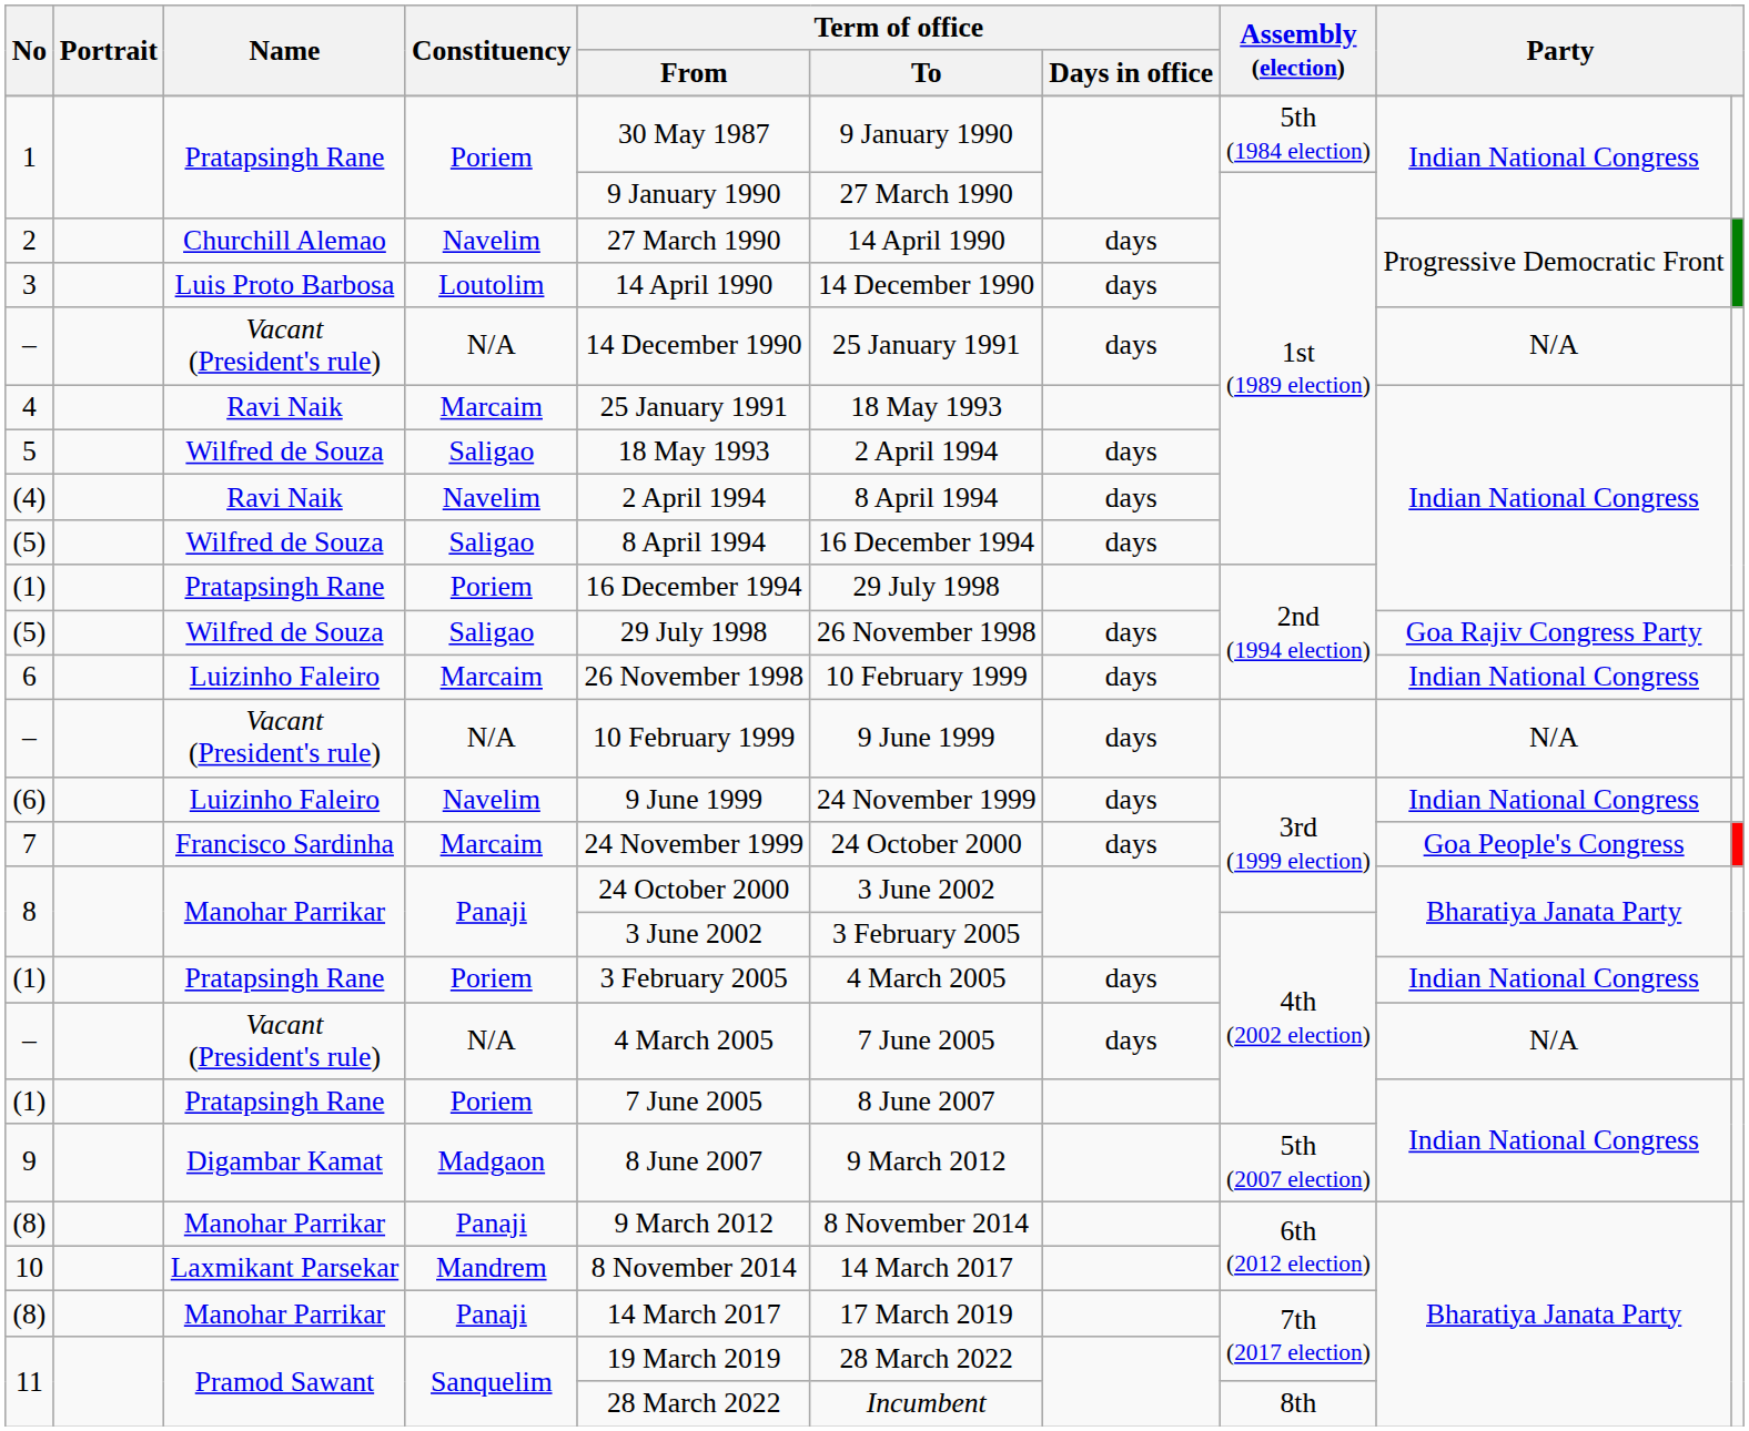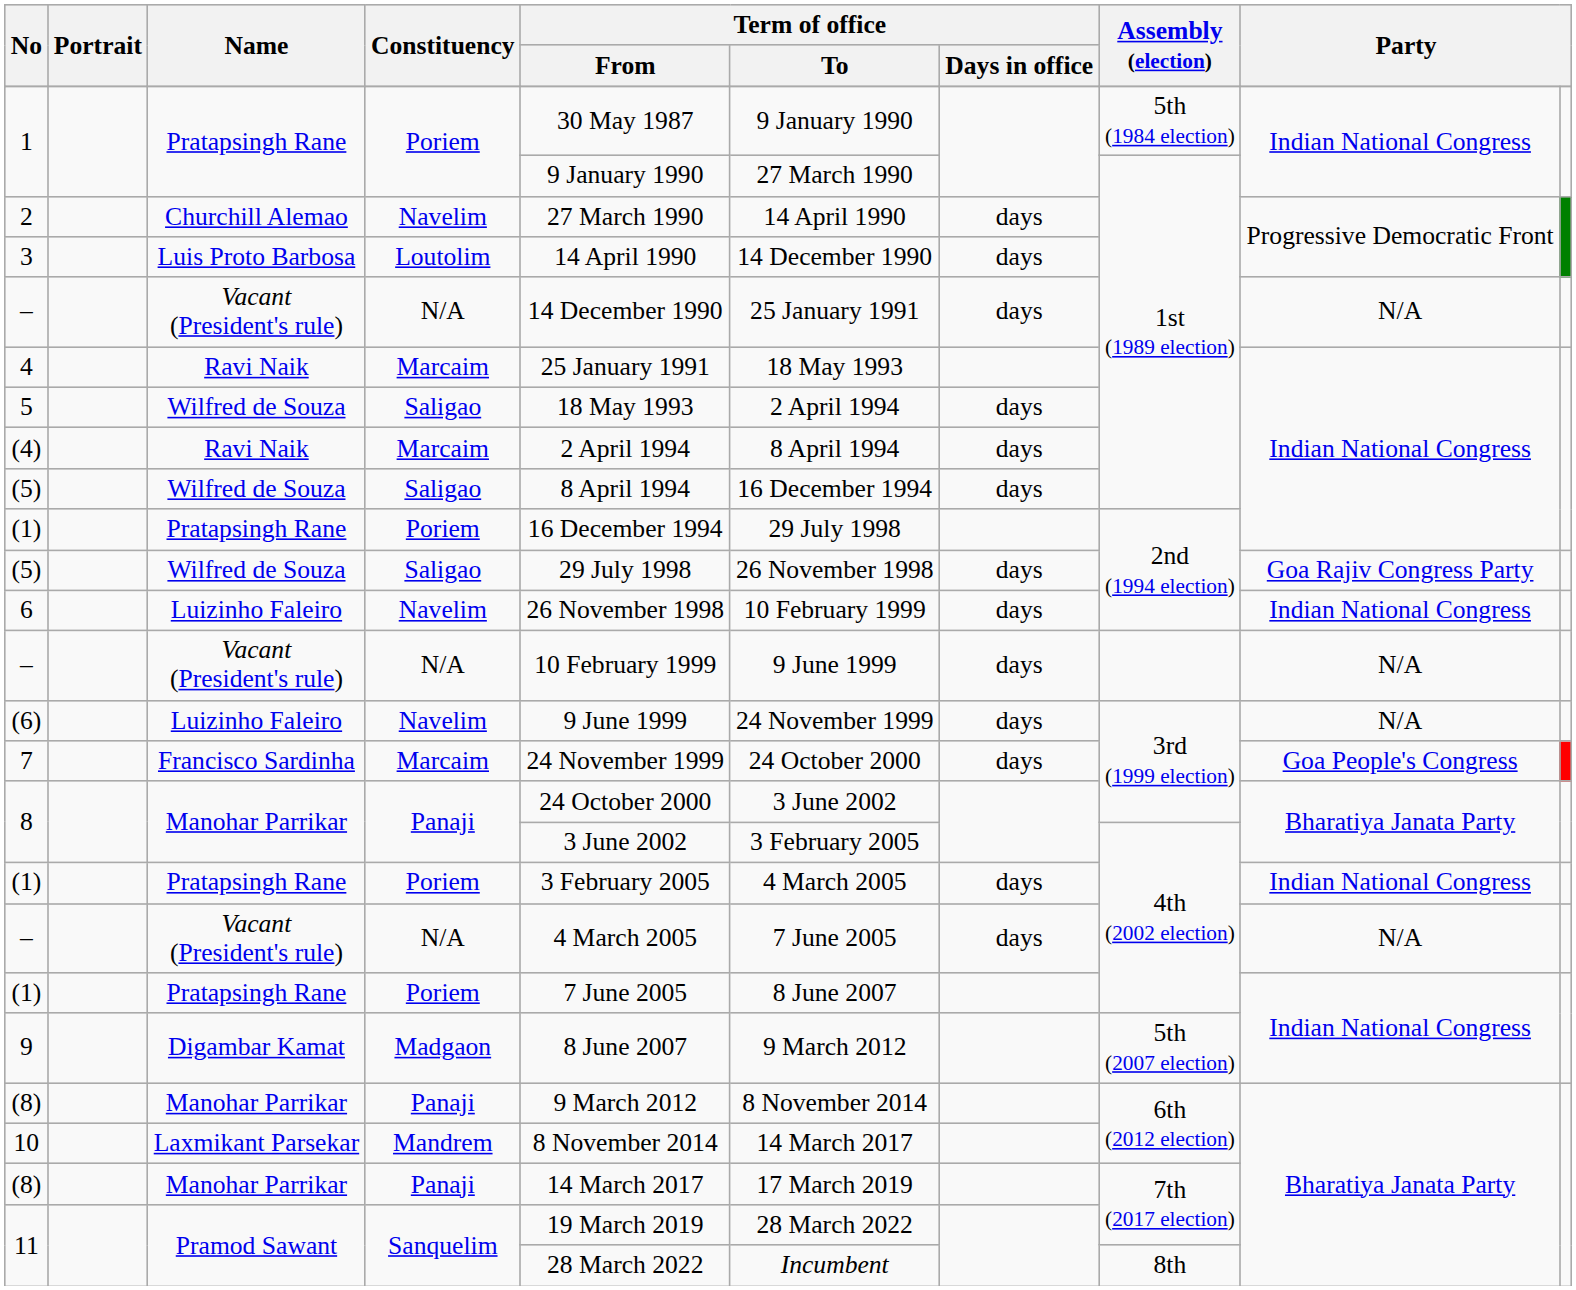 <table class="wikitable" style="text-align:center">
 <tr>
 <th rowspan="2">No</th>
 <th rowspan="2">Portrait</th>
 <th rowspan="2">Name</th>
 <th rowspan="2">Constituency</th>
 <th colspan="3">Term of office</th>
 <th rowspan="2"><a href='#'>Assembly</a><br><small>(<a href='#'>election</a>)</small></th>
 <th colspan="2" rowspan="2">Party</th>
 </tr>
 <tr>
 <th>From</th>
 <th>To</th>
 <th>Days in office</th>
 </tr>
 <tr>
 </tr>
 <tr>
 <td rowspan="2">1</td>
 <td rowspan="2"></td>
 <td rowspan="2"><a href='#'>Pratapsingh Rane</a></td>
 <td rowspan="2"><a href='#'>Poriem</a></td>
 <td>30 May 1987</td>
 <td>9 January 1990</td>
 <td rowspan="2"></td>
 <td>5th<br><small>(<a href='#'>1984 election</a>)</small></td>
 <td rowspan="2"><a href='#'>Indian National Congress</a></td>
 <td rowspan="2" style="background-color: "></td>
 </tr>
 <tr>
 <td>9 January 1990</td>
 <td>27 March 1990</td>
 <td rowspan="8">1st<br><small>(<a href='#'>1989 election</a>)</small></td>
 </tr>
 <tr>
 <td>2</td>
 <td></td>
 <td><a href='#'>Churchill Alemao</a></td>
 <td><a href='#'>Navelim</a></td>
 <td>27 March 1990</td>
 <td>14 April 1990</td>
 <td> days</td>
 <td rowspan="2">Progressive Democratic Front</td>
 <td rowspan="2" style="background-color: green"></td>
 </tr>
 <tr>
 <td>3</td>
 <td></td>
 <td><a href='#'>Luis Proto Barbosa</a></td>
 <td><a href='#'>Loutolim</a></td>
 <td>14 April 1990</td>
 <td>14 December 1990</td>
 <td> days</td>
 </tr>
 <tr>
 <td>–</td>
 <td></td>
 <td><em>Vacant</em><br>(<a href='#'>President's rule</a>)</td>
 <td>N/A</td>
 <td>14 December 1990</td>
 <td>25 January 1991</td>
 <td> days</td>
 <td>N/A</td>
 <td></td>
 </tr>
 <tr>
 <td>4</td>
 <td></td>
 <td><a href='#'>Ravi Naik</a></td>
 <td><a href='#'>Marcaim</a></td>
 <td>25 January 1991</td>
 <td>18 May 1993</td>
 <td></td>
 <td rowspan="5"><a href='#'>Indian National Congress</a></td>
 <td rowspan="5" style="background-color: "></td>
 </tr>
 <tr>
 <td>5</td>
 <td></td>
 <td><a href='#'>Wilfred de Souza</a></td>
 <td><a href='#'>Saligao</a></td>
 <td>18 May 1993</td>
 <td>2 April 1994</td>
 <td> days</td>
 </tr>
 <tr>
 <td>(4)</td>
 <td></td>
 <td><a href='#'>Ravi Naik</a></td>
-<td><a href='#'>Navelim</a></td>
+<td><a href='#'>Marcaim</a></td>
 <td>2 April 1994</td>
 <td>8 April 1994</td>
 <td> days</td>
 </tr>
 <tr>
 <td>(5)</td>
 <td></td>
 <td><a href='#'>Wilfred de Souza</a></td>
 <td><a href='#'>Saligao</a></td>
 <td>8 April 1994</td>
 <td>16 December 1994</td>
 <td> days</td>
 </tr>
 <tr>
 <td>(1)</td>
 <td></td>
 <td><a href='#'>Pratapsingh Rane</a></td>
 <td><a href='#'>Poriem</a></td>
 <td>16 December 1994</td>
 <td>29 July 1998</td>
 <td></td>
 <td rowspan="3">2nd<br><small>(<a href='#'>1994 election</a>)</small></td>
 </tr>
 <tr>
 <td>(5)</td>
 <td></td>
 <td><a href='#'>Wilfred de Souza</a></td>
 <td><a href='#'>Saligao</a></td>
 <td>29 July 1998</td>
 <td>26 November 1998</td>
 <td> days</td>
 <td><a href='#'>Goa Rajiv Congress Party</a></td>
 <td style="background-color: "></td>
 </tr>
 <tr>
 <td>6</td>
 <td></td>
 <td><a href='#'>Luizinho Faleiro</a></td>
-<td><a href='#'>Marcaim</a></td>
+<td><a href='#'>Navelim</a></td>
 <td>26 November 1998</td>
 <td>10 February 1999</td>
 <td> days</td>
 <td><a href='#'>Indian National Congress</a></td>
 <td style="background-color: "></td>
 </tr>
 <tr>
 <td>–</td>
 <td></td>
 <td><em>Vacant</em><br>(<a href='#'>President's rule</a>)</td>
 <td>N/A</td>
 <td>10 February 1999</td>
 <td>9 June 1999</td>
 <td> days</td>
 <td></td>
 <td>N/A</td>
 <td></td>
 </tr>
 <tr>
 <td>(6)</td>
 <td></td>
 <td><a href='#'>Luizinho Faleiro</a></td>
 <td><a href='#'>Navelim</a></td>
 <td>9 June 1999</td>
 <td>24 November 1999</td>
 <td> days</td>
 <td rowspan="3">3rd<br><small>(<a href='#'>1999 election</a>)</small></td>
-<td><a href='#'>Indian National Congress</a></td>
+<td>N/A</td>
 <td style="background-color: "></td>
 </tr>
 <tr>
 <td>7</td>
 <td></td>
 <td><a href='#'>Francisco Sardinha</a></td>
 <td><a href='#'>Marcaim</a></td>
 <td>24 November 1999</td>
 <td>24 October 2000</td>
 <td> days</td>
 <td><a href='#'>Goa People's Congress</a></td>
 <td style="background-color: red"></td>
 </tr>
 <tr>
 <td rowspan="2">8</td>
 <td rowspan="2"></td>
 <td rowspan="2"><a href='#'>Manohar Parrikar</a></td>
 <td rowspan="2"><a href='#'>Panaji</a></td>
 <td>24 October 2000</td>
 <td>3 June 2002</td>
 <td rowspan="2"></td>
 <td rowspan="2"><a href='#'>Bharatiya Janata Party</a></td>
 <td rowspan="2" style="background-color: "></td>
 </tr>
 <tr>
 <td>3 June 2002</td>
 <td>3 February 2005</td>
 <td rowspan="4">4th<br><small>(<a href='#'>2002 election</a>)</small></td>
 </tr>
 <tr>
 <td>(1)</td>
 <td></td>
 <td><a href='#'>Pratapsingh Rane</a></td>
 <td><a href='#'>Poriem</a></td>
 <td>3 February 2005</td>
 <td>4 March 2005</td>
 <td> days</td>
 <td><a href='#'>Indian National Congress</a></td>
 <td style="background-color: "></td>
 </tr>
 <tr>
 <td>–</td>
 <td></td>
 <td><em>Vacant</em><br>(<a href='#'>President's rule</a>)</td>
 <td>N/A</td>
 <td>4 March 2005</td>
 <td>7 June 2005</td>
 <td> days</td>
 <td>N/A</td>
 <td></td>
 </tr>
 <tr>
 <td>(1)</td>
 <td></td>
 <td><a href='#'>Pratapsingh Rane</a></td>
 <td><a href='#'>Poriem</a></td>
 <td>7 June 2005</td>
 <td>8 June 2007</td>
 <td></td>
 <td rowspan="2"><a href='#'>Indian National Congress</a></td>
 <td rowspan="2" style="background-color: "></td>
 </tr>
 <tr>
 <td>9</td>
 <td></td>
 <td><a href='#'>Digambar Kamat</a></td>
 <td><a href='#'>Madgaon</a></td>
 <td>8 June 2007</td>
 <td>9 March 2012</td>
 <td></td>
 <td>5th<br><small>(<a href='#'>2007 election</a>)</small></td>
 </tr>
 <tr>
 <td>(8)</td>
 <td></td>
 <td><a href='#'>Manohar Parrikar</a></td>
 <td><a href='#'>Panaji</a></td>
 <td>9 March 2012</td>
 <td>8 November 2014</td>
 <td></td>
 <td rowspan="2">6th<br><small>(<a href='#'>2012 election</a>)</small></td>
 <td rowspan="5"><a href='#'>Bharatiya Janata Party</a></td>
 <td rowspan="5" style="background-color: "></td>
 </tr>
 <tr>
 <td>10</td>
 <td></td>
 <td><a href='#'>Laxmikant Parsekar</a></td>
 <td><a href='#'>Mandrem</a></td>
 <td>8 November 2014</td>
 <td>14 March 2017</td>
 <td></td>
 </tr>
 <tr>
 <td>(8)</td>
 <td></td>
 <td><a href='#'>Manohar Parrikar</a></td>
 <td><a href='#'>Panaji</a></td>
 <td>14 March 2017</td>
 <td>17 March 2019</td>
 <td></td>
 <td rowspan="2">7th<br><small>(<a href='#'>2017 election</a>)</small></td>
 </tr>
 <tr>
 <td rowspan="2">11</td>
 <td rowspan="2"></td>
 <td rowspan="2"><a href='#'>Pramod Sawant</a></td>
 <td rowspan="2"><a href='#'>Sanquelim</a></td>
 <td>19 March 2019</td>
 <td>28 March 2022</td>
 <td rowspan="2"></td>
 </tr>
 <tr align="center">
 <td>28 March 2022</td>
 <td><em>Incumbent</em></td>
 <td>8th<br></td>
 </tr>
 </table>
